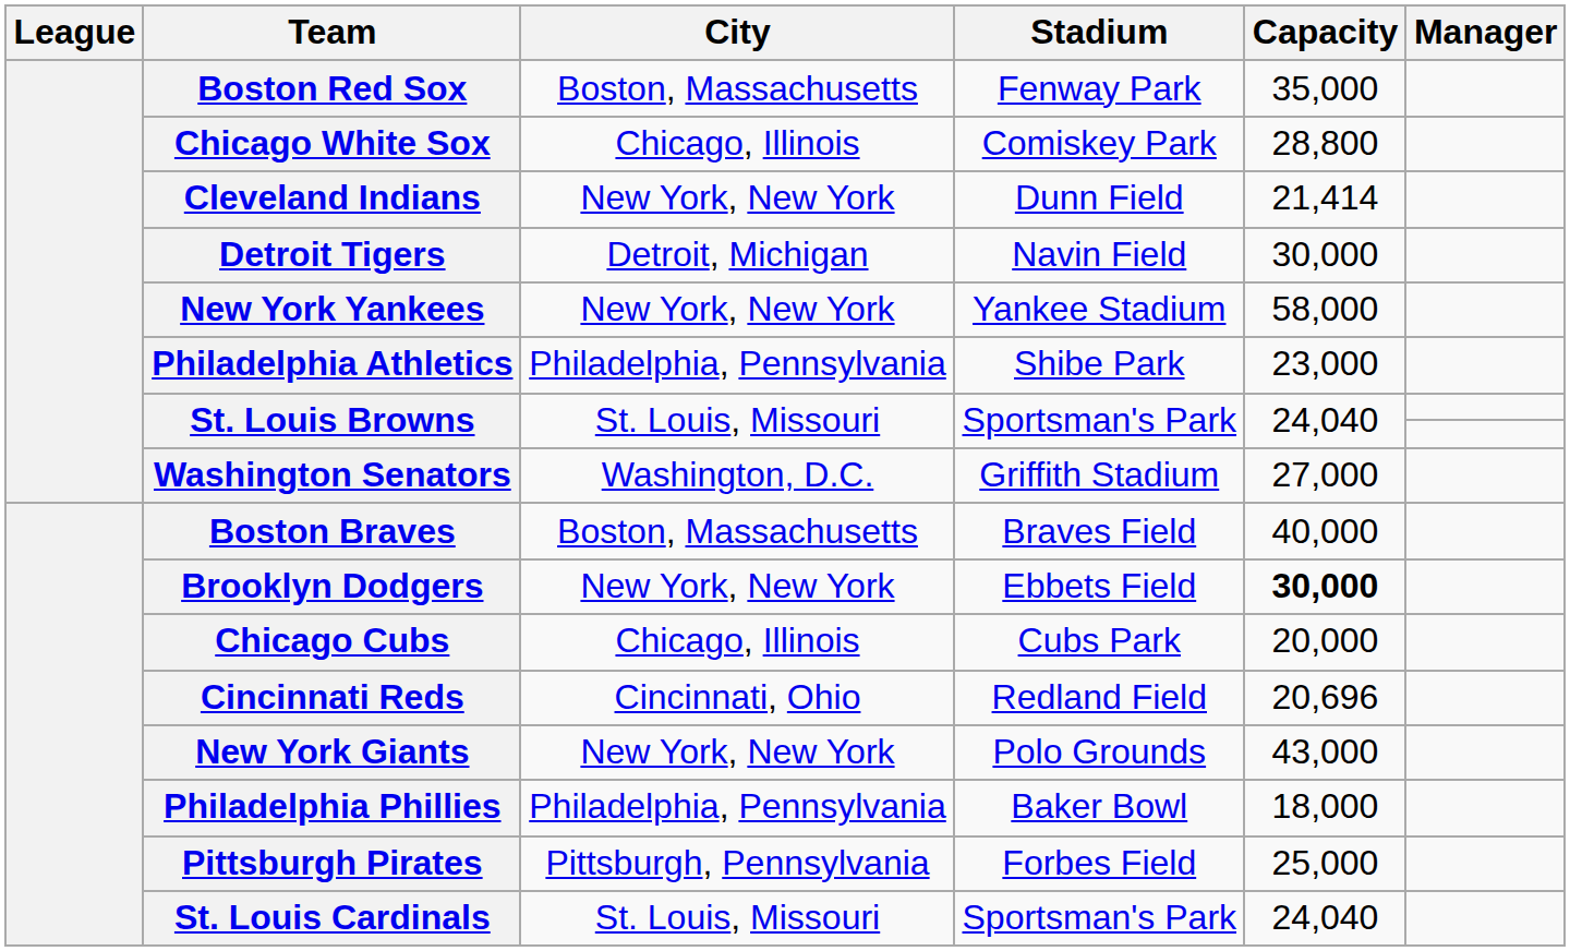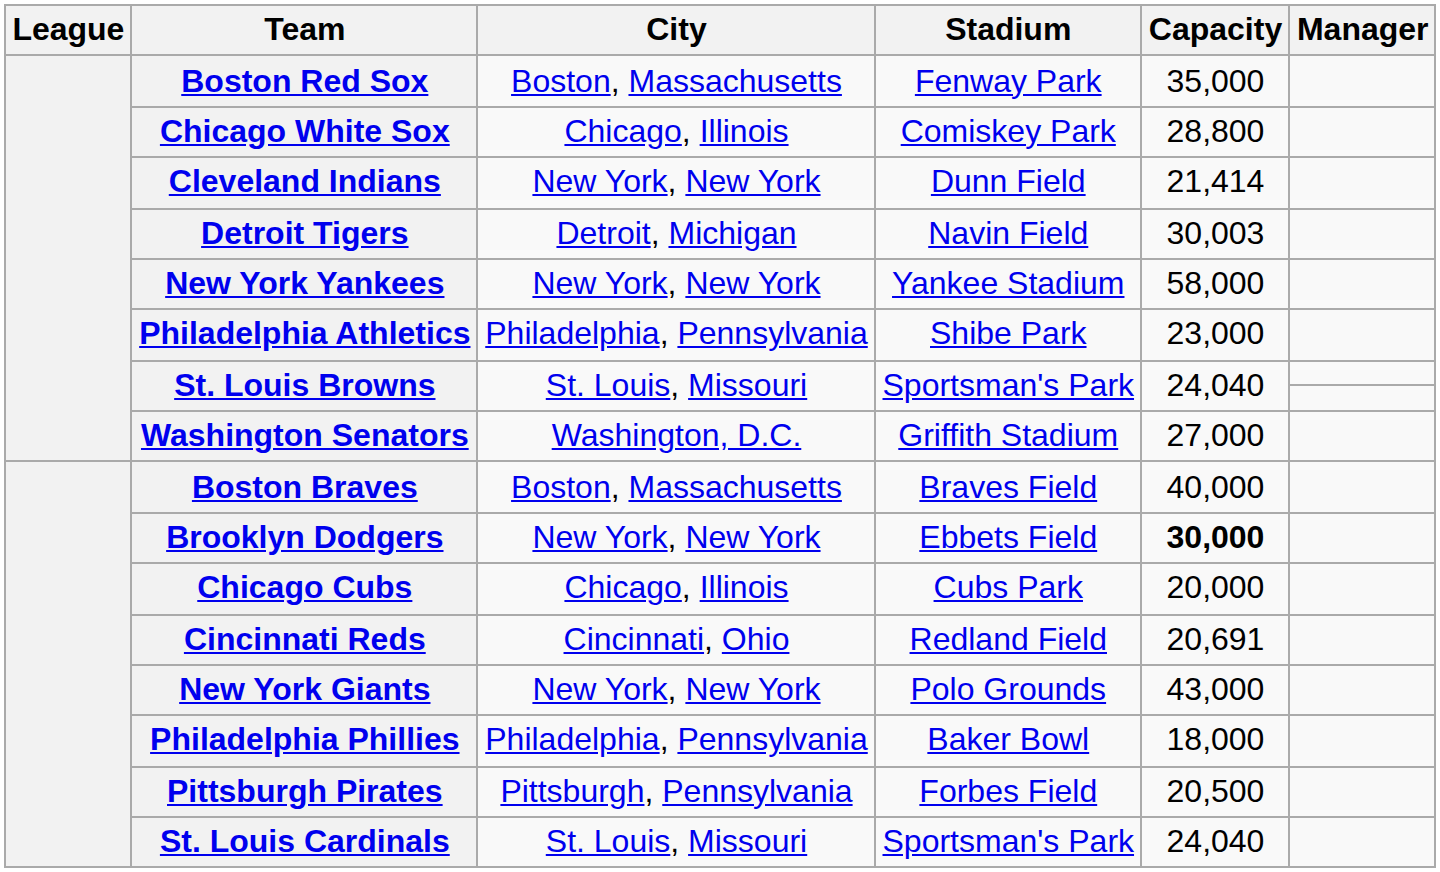 <table class="wikitable sortable plainrowheaders" style="text-align:center;">
 <tr>
 <th scope="col">League</th>
 <th scope="col">Team</th>
 <th scope="col">City</th>
 <th scope="col">Stadium</th>
 <th scope="col">Capacity</th>
 <th scope="col">Manager</th>
 </tr>
 <tr>
 <th rowspan="9"></th>
 <th scope="row"><a href='#'>Boston Red Sox</a></th>
 <td><a href='#'>Boston</a>, <a href='#'>Massachusetts</a></td>
 <td><a href='#'>Fenway Park</a></td>
 <td>35,000</td>
 <td></td>
 </tr>
 <tr>
 <th scope="row"><a href='#'>Chicago White Sox</a></th>
 <td><a href='#'>Chicago</a>, <a href='#'>Illinois</a></td>
 <td><a href='#'>Comiskey Park</a></td>
 <td>28,800</td>
 <td></td>
 </tr>
 <tr>
 <th scope="row"><a href='#'>Cleveland Indians</a></th>
 <td><a href='#'>New York</a>, <a href='#'>New York</a></td>
 <td><a href='#'>Dunn Field</a></td>
 <td>21,414</td>
 <td></td>
 </tr>
 <tr>
 <th scope="row"><a href='#'>Detroit Tigers</a></th>
 <td><a href='#'>Detroit</a>, <a href='#'>Michigan</a></td>
 <td><a href='#'>Navin Field</a></td>
-<td>30,000</td>
+<td>30,003</td>
 <td></td>
 </tr>
 <tr>
 <th scope="row"><a href='#'>New York Yankees</a></th>
 <td><a href='#'>New York</a>, <a href='#'>New York</a></td>
 <td><a href='#'>Yankee Stadium</a></td>
 <td>58,000</td>
 <td></td>
 </tr>
 <tr>
 <th scope="row"><a href='#'>Philadelphia Athletics</a></th>
 <td><a href='#'>Philadelphia</a>, <a href='#'>Pennsylvania</a></td>
 <td><a href='#'>Shibe Park</a></td>
 <td>23,000</td>
 <td></td>
 </tr>
 <tr>
 <th rowspan="2" scope="row"><a href='#'>St. Louis Browns</a></th>
 <td rowspan="2"><a href='#'>St. Louis</a>, <a href='#'>Missouri</a></td>
 <td rowspan="2"><a href='#'>Sportsman's Park</a></td>
 <td rowspan="2">24,040</td>
 <td></td>
 </tr>
 <tr>
 <td></td>
 </tr>
 <tr>
 <th scope="row"><a href='#'>Washington Senators</a></th>
 <td><a href='#'>Washington, D.C.</a></td>
 <td><a href='#'>Griffith Stadium</a></td>
 <td>27,000</td>
 <td></td>
 </tr>
 <tr>
 <th rowspan="8"></th>
 <th scope="row"><a href='#'>Boston Braves</a></th>
 <td><a href='#'>Boston</a>, <a href='#'>Massachusetts</a></td>
 <td><a href='#'>Braves Field</a></td>
 <td>40,000</td>
 <td></td>
 </tr>
 <tr>
 <th scope="row"><a href='#'>Brooklyn Dodgers</a></th>
 <td><a href='#'>New York</a>, <a href='#'>New York</a></td>
 <td><a href='#'>Ebbets Field</a></td>
 <td><strong>30,000</strong></td>
 <td></td>
 </tr>
 <tr>
 <th scope="row"><a href='#'>Chicago Cubs</a></th>
 <td><a href='#'>Chicago</a>, <a href='#'>Illinois</a></td>
 <td><a href='#'>Cubs Park</a></td>
 <td>20,000</td>
 <td></td>
 </tr>
 <tr>
 <th scope="row"><a href='#'>Cincinnati Reds</a></th>
 <td><a href='#'>Cincinnati</a>, <a href='#'>Ohio</a></td>
 <td><a href='#'>Redland Field</a></td>
-<td>20,696</td>
+<td>20,691</td>
 <td></td>
 </tr>
 <tr>
 <th scope="row"><a href='#'>New York Giants</a></th>
 <td><a href='#'>New York</a>, <a href='#'>New York</a></td>
 <td><a href='#'>Polo Grounds</a></td>
 <td>43,000</td>
 <td></td>
 </tr>
 <tr>
 <th scope="row"><a href='#'>Philadelphia Phillies</a></th>
 <td><a href='#'>Philadelphia</a>, <a href='#'>Pennsylvania</a></td>
 <td><a href='#'>Baker Bowl</a></td>
 <td>18,000</td>
 <td></td>
 </tr>
 <tr>
 <th scope="row"><a href='#'>Pittsburgh Pirates</a></th>
 <td><a href='#'>Pittsburgh</a>, <a href='#'>Pennsylvania</a></td>
 <td><a href='#'>Forbes Field</a></td>
-<td>25,000</td>
+<td>20,500</td>
 <td></td>
 </tr>
 <tr>
 <th scope="row"><a href='#'>St. Louis Cardinals</a></th>
 <td><a href='#'>St. Louis</a>, <a href='#'>Missouri</a></td>
 <td><a href='#'>Sportsman's Park</a></td>
 <td>24,040</td>
 <td></td>
 </tr>
 </table>
